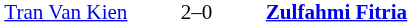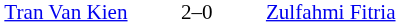 <table>
 <tr>
 <th width=400></th>
 <th width=100></th>
 <th width=400></th>
 </tr>
 <tr>
 <td align=right><a href='#'>Tran Van Kien</a> </td>
 <td align=center>2–0</td>
-<td><strong> <a href='#'>Zulfahmi Fitria</a></strong></td>
+<td> <a href='#'>Zulfahmi Fitria</a></td>
 </tr>
 </table>
